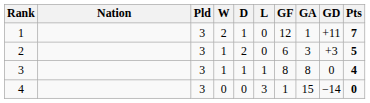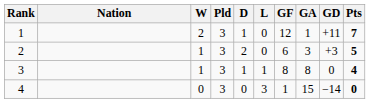 <table class="wikitable" style="text-align: center;">
 <tr>
 <th width=5>Rank</th>
 <th width=200>Nation</th>
+<th width=20>W</th>
 <th width=20>Pld</th>
-<th width=20>W</th>
 <th width=20>D</th>
 <th width=20>L</th>
 <th width=20>GF</th>
 <th width=20>GA</th>
 <th width=20>GD</th>
 <th width=20>Pts</th>
 </tr>
 <tr>
 <td>1</td>
 <td style="text-align:left"></td>
+<td>2</td>
 <td>3</td>
-<td>2</td>
 <td>1</td>
 <td>0</td>
 <td>12</td>
 <td>1</td>
 <td>+11</td>
 <td><strong>7</strong></td>
 </tr>
 <tr>
 <td>2</td>
 <td style="text-align:left"></td>
+<td>1</td>
 <td>3</td>
-<td>1</td>
 <td>2</td>
 <td>0</td>
 <td>6</td>
 <td>3</td>
 <td>+3</td>
 <td><strong>5</strong></td>
 </tr>
 <tr>
 <td>3</td>
 <td style="text-align:left"></td>
+<td>1</td>
 <td>3</td>
-<td>1</td>
 <td>1</td>
 <td>1</td>
 <td>8</td>
 <td>8</td>
 <td>0</td>
 <td><strong>4</strong></td>
 </tr>
 <tr>
 <td>4</td>
 <td style="text-align:left"></td>
+<td>0</td>
 <td>3</td>
-<td>0</td>
 <td>0</td>
 <td>3</td>
 <td>1</td>
 <td>15</td>
 <td>−14</td>
 <td><strong>0</strong></td>
 </tr>
 </table>
